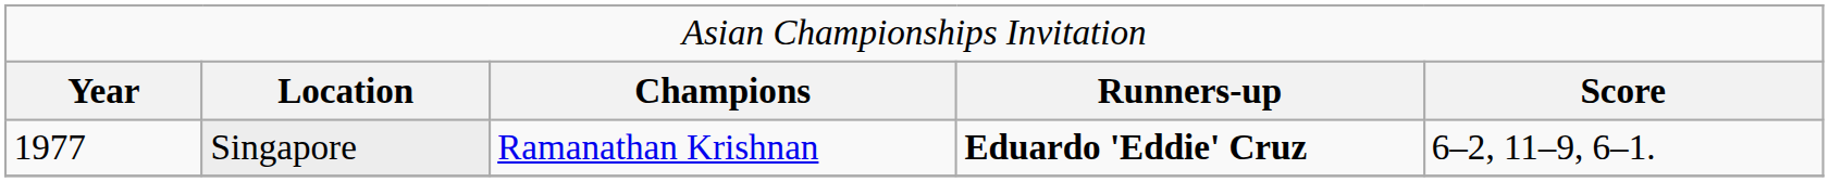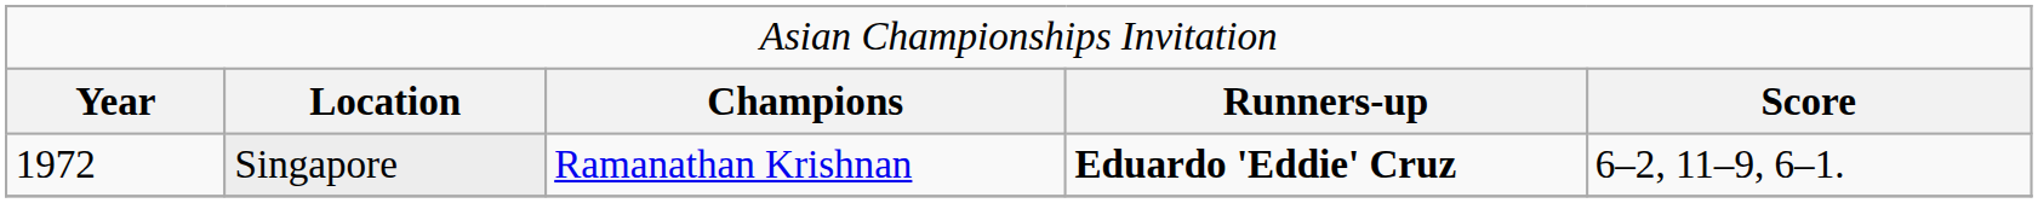 <table class="wikitable">
 <tr>
 <td colspan=5 align=center><em>Asian Championships Invitation</em></td>
 </tr>
 <tr>
 <th style="width:80px">Year</th>
 <th style="width:120px">Location</th>
 <th style="width:200px">Champions</th>
 <th style="width:200px">Runners-up</th>
 <th style="width:170px" class="unsortable">Score</th>
 </tr>
 <tr>
-<td>1977</td>
+<td>1972</td>
 <td style="background:#ededed">Singapore</td>
 <td> <a href='#'>Ramanathan Krishnan</a></td>
 <td><strong> Eduardo 'Eddie' Cruz</strong></td>
 <td>6–2, 11–9, 6–1.</td>
 </tr>
 <tr>
 </tr>
 </table>
